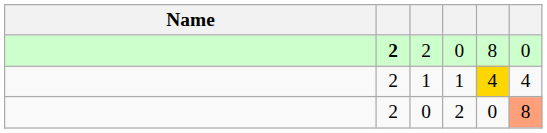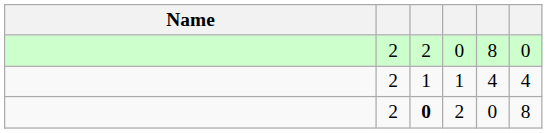 <table class=wikitable style="text-align:center">
 <tr>
 <th width=300>Name</th>
 <th width=20></th>
 <th width=20></th>
 <th width=20></th>
 <th width=20></th>
 <th width=20></th>
 </tr>
 <tr style="background-color:#ccffcc;">
 <td style="text-align:left;"></td>
-<td><strong>2</strong></td>
+<td>2</td>
 <td>2</td>
 <td>0</td>
 <td>8</td>
 <td>0</td>
 </tr>
 <tr>
 <td style="text-align:left;"></td>
 <td>2</td>
 <td>1</td>
 <td>1</td>
-<td style="background: gold;">4</td>
+<td>4</td>
 <td>4</td>
 </tr>
 <tr>
 <td style="text-align:left;"></td>
 <td>2</td>
-<td>0</td>
+<td><strong>0</strong></td>
 <td>2</td>
 <td>0</td>
-<td style="background: lightsalmon;">8</td>
+<td>8</td>
 </tr>
 </table>
